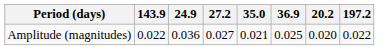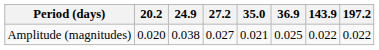 <table class="wikitable" style="align: center; margin-left: auto; margin-right: auto; border: none;">
 <tr>
 <th>Period <span>(days)</span></th>
-<th>143.9</th>
+<th>20.2</th>
 <th>24.9</th>
 <th>27.2</th>
 <th>35.0</th>
 <th>36.9</th>
-<th>20.2</th>
+<th>143.9</th>
 <th>197.2</th>
 </tr>
 <tr>
 <td>Amplitude <span>(magnitudes)</span></td>
-<td>0.022</td>
-<td>0.036</td>
+<td>0.020</td>
+<td>0.038</td>
 <td>0.027</td>
 <td>0.021</td>
 <td>0.025</td>
-<td>0.020</td>
+<td>0.022</td>
 <td>0.022</td>
 </tr>
 </table>
